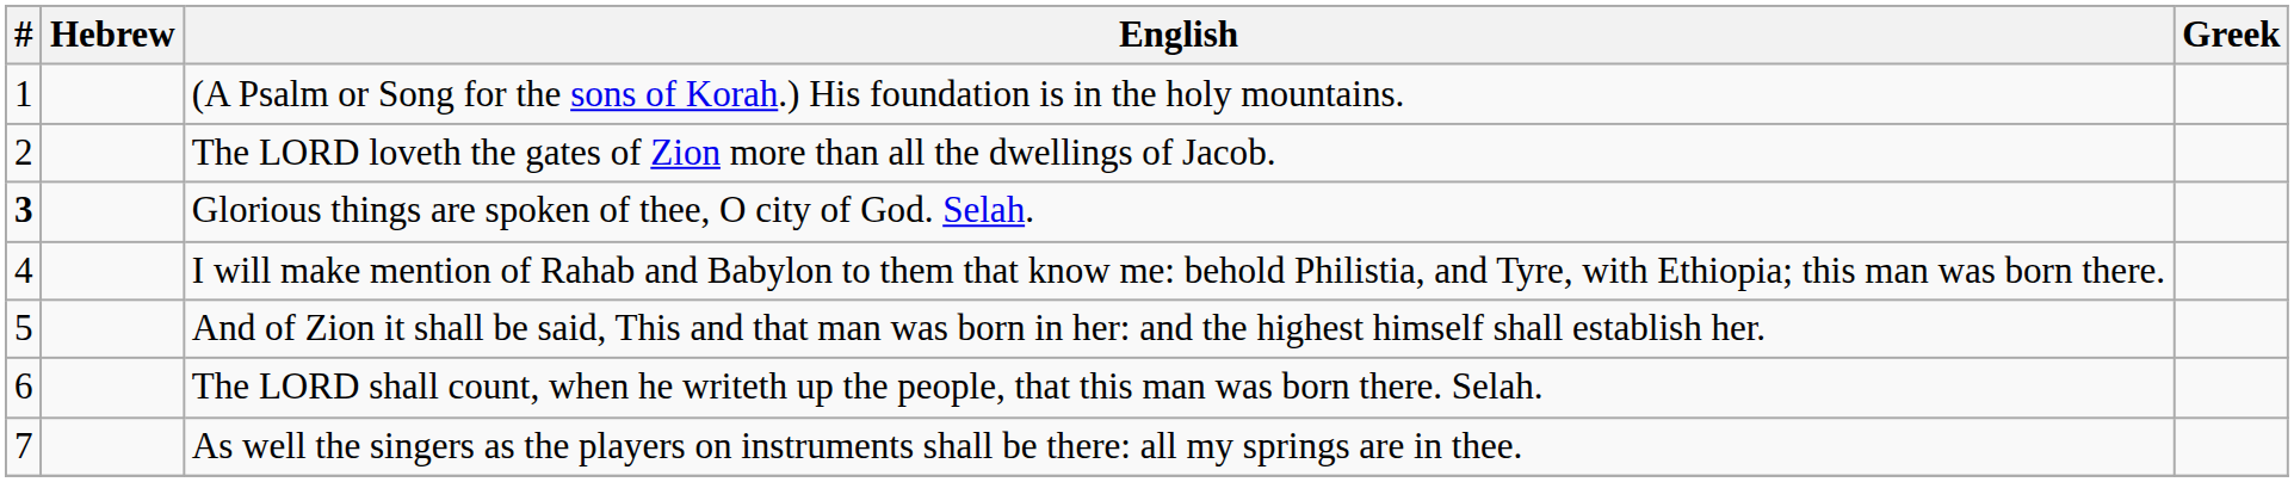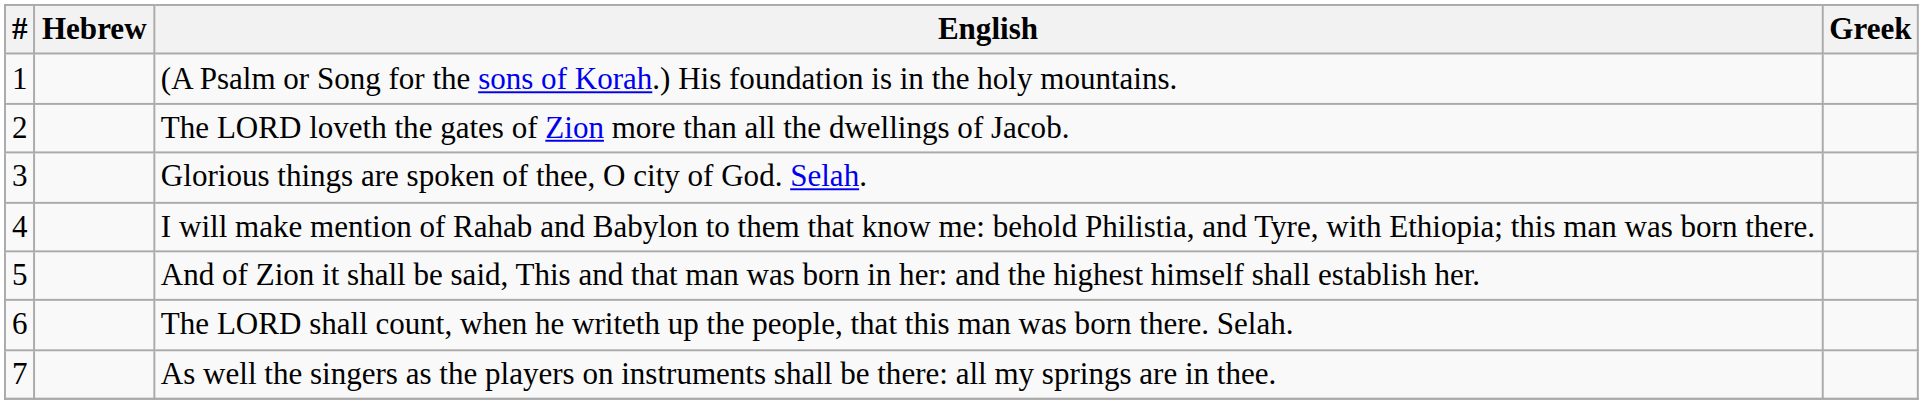 <table class=wikitable>
 <tr>
 <th>#</th>
 <th>Hebrew</th>
 <th>English</th>
 <th>Greek</th>
 </tr>
 <tr>
 <td style="text-align:right">1</td>
 <td style="text-align:right"></td>
 <td>(A Psalm or Song for the <a href='#'>sons of Korah</a>.) His foundation is in the holy mountains.</td>
 <td></td>
 </tr>
 <tr>
 <td style="text-align:right">2</td>
 <td style="text-align:right"></td>
 <td>The LORD loveth the gates of <a href='#'>Zion</a> more than all the dwellings of Jacob.</td>
 <td></td>
 </tr>
 <tr>
-<td style="text-align:right"><strong>3</strong></td>
+<td style="text-align:right">3</td>
 <td style="text-align:right"></td>
 <td>Glorious things are spoken of thee, O city of God. <a href='#'>Selah</a>.</td>
 <td></td>
 </tr>
 <tr>
 <td style="text-align:right">4</td>
 <td style="text-align:right"></td>
 <td>I will make mention of Rahab and Babylon to them that know me: behold Philistia, and Tyre, with Ethiopia; this man was born there.</td>
 <td></td>
 </tr>
 <tr>
 <td style="text-align:right">5</td>
 <td style="text-align:right"></td>
 <td>And of Zion it shall be said, This and that man was born in her: and the highest himself shall establish her.</td>
 <td></td>
 </tr>
 <tr>
 <td style="text-align:right">6</td>
 <td style="text-align:right"></td>
 <td>The LORD shall count, when he writeth up the people, that this man was born there. Selah.</td>
 <td></td>
 </tr>
 <tr>
 <td style="text-align:right">7</td>
 <td style="text-align:right"></td>
 <td>As well the singers as the players on instruments shall be there: all my springs are in thee.</td>
 <td></td>
 </tr>
 <tr>
 </tr>
 </table>
